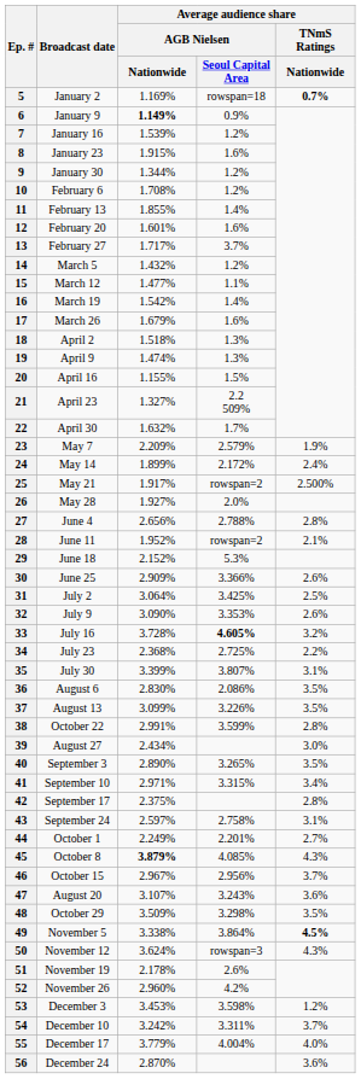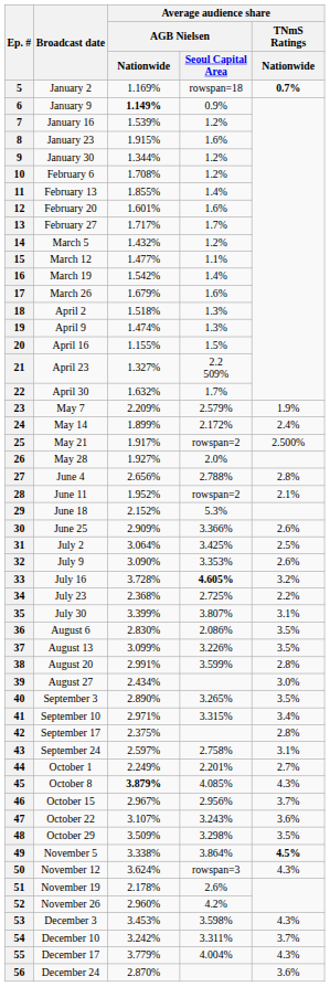 <table class="wikitable" style="text-align:center">
 <tr>
 <th rowspan="3">Ep. #</th>
 <th rowspan="3">Broadcast date</th>
 <th colspan="3">Average audience share</th>
 </tr>
 <tr>
 <th colspan="2">AGB Nielsen</th>
 <th colspan="1">TNmS Ratings</th>
 </tr>
 <tr>
 <th width=100>Nationwide</th>
 <th width=100><a href='#'>Seoul Capital Area</a></th>
 <th width=100>Nationwide</th>
 </tr>
 <tr>
 <th>5</th>
 <td>January 2</td>
 <td>1.169%</td>
 <td>rowspan=18 </td>
 <td><span><strong>0.7%</strong></span></td>
 </tr>
 <tr>
 <th>6</th>
 <td>January 9</td>
 <td><span><strong>1.149%</strong></span></td>
 <td>0.9%</td>
 </tr>
 <tr>
 <th>7</th>
 <td>January 16</td>
 <td>1.539%</td>
 <td>1.2%</td>
 </tr>
 <tr>
 <th>8</th>
 <td>January 23</td>
 <td>1.915%</td>
 <td>1.6%</td>
 </tr>
 <tr>
 <th>9</th>
 <td>January 30</td>
 <td>1.344%</td>
 <td>1.2%</td>
 </tr>
 <tr>
 <th>10</th>
 <td>February 6</td>
 <td>1.708%</td>
 <td>1.2%</td>
 </tr>
 <tr>
 <th>11</th>
 <td>February 13</td>
 <td>1.855%</td>
 <td>1.4%</td>
 </tr>
 <tr>
 <th>12</th>
 <td>February 20</td>
 <td>1.601%</td>
 <td>1.6%</td>
 </tr>
 <tr>
 <th>13</th>
 <td>February 27</td>
 <td>1.717%</td>
-<td>3.7%</td>
+<td>1.7%</td>
 </tr>
 <tr>
 <th>14</th>
 <td>March 5</td>
 <td>1.432%</td>
 <td>1.2%</td>
 </tr>
 <tr>
 <th>15</th>
 <td>March 12</td>
 <td>1.477%</td>
 <td>1.1%</td>
 </tr>
 <tr>
 <th>16</th>
 <td>March 19</td>
 <td>1.542%</td>
 <td>1.4%</td>
 </tr>
 <tr>
 <th>17</th>
 <td>March 26</td>
 <td>1.679%</td>
 <td>1.6%</td>
 </tr>
 <tr>
 <th>18</th>
 <td>April 2</td>
 <td>1.518%</td>
 <td>1.3%</td>
 </tr>
 <tr>
 <th>19</th>
 <td>April 9</td>
 <td>1.474%</td>
 <td>1.3%</td>
 </tr>
 <tr>
 <th>20</th>
 <td>April 16</td>
 <td>1.155%</td>
 <td>1.5%</td>
 </tr>
 <tr>
 <th>21</th>
 <td>April 23</td>
 <td>1.327%</td>
 <td>2.2<br>509%</td>
 </tr>
 <tr>
 <th>22</th>
 <td>April 30</td>
 <td>1.632%</td>
 <td>1.7%</td>
 </tr>
 <tr>
 <th>23</th>
 <td>May 7</td>
 <td>2.209%</td>
 <td>2.579%</td>
 <td>1.9%</td>
 </tr>
 <tr>
 <th>24</th>
 <td>May 14</td>
 <td>1.899%</td>
 <td>2.172%</td>
 <td>2.4%</td>
 </tr>
 <tr>
 <th>25</th>
 <td>May 21</td>
 <td>1.917%</td>
 <td>rowspan=2 </td>
 <td>2.500%</td>
 </tr>
 <tr>
 <th>26</th>
 <td>May 28</td>
 <td>1.927%</td>
 <td>2.0%</td>
 </tr>
 <tr>
 <th>27</th>
 <td>June 4</td>
 <td>2.656%</td>
 <td>2.788%</td>
 <td>2.8%</td>
 </tr>
 <tr>
 <th>28</th>
 <td>June 11</td>
 <td>1.952%</td>
 <td>rowspan=2 </td>
 <td>2.1%</td>
 </tr>
 <tr>
 <th>29</th>
 <td>June 18</td>
 <td>2.152%</td>
 <td>5.3%</td>
 </tr>
 <tr>
 <th>30</th>
 <td>June 25</td>
 <td>2.909%</td>
 <td>3.366%</td>
 <td>2.6%</td>
 </tr>
 <tr>
 <th>31</th>
 <td>July 2</td>
 <td>3.064%</td>
 <td>3.425%</td>
 <td>2.5%</td>
 </tr>
 <tr>
 <th>32</th>
 <td>July 9</td>
 <td>3.090%</td>
 <td>3.353%</td>
 <td>2.6%</td>
 </tr>
 <tr>
 <th>33</th>
 <td>July 16</td>
 <td>3.728%</td>
 <td><span><strong>4.605%</strong></span></td>
 <td>3.2%</td>
 </tr>
 <tr>
 <th>34</th>
 <td>July 23</td>
 <td>2.368%</td>
 <td>2.725%</td>
 <td>2.2%</td>
 </tr>
 <tr>
 <th>35</th>
 <td>July 30</td>
 <td>3.399%</td>
 <td>3.807%</td>
 <td>3.1%</td>
 </tr>
 <tr>
 <th>36</th>
 <td>August 6</td>
 <td>2.830%</td>
 <td>2.086%</td>
 <td>3.5%</td>
 </tr>
 <tr>
 <th>37</th>
 <td>August 13</td>
 <td>3.099%</td>
 <td>3.226%</td>
 <td>3.5%</td>
 </tr>
 <tr>
 <th>38</th>
-<td>October 22</td>
+<td>August 20</td>
 <td>2.991%</td>
 <td>3.599%</td>
 <td>2.8%</td>
 </tr>
 <tr>
 <th>39</th>
 <td>August 27</td>
 <td>2.434%</td>
 <td></td>
 <td>3.0%</td>
 </tr>
 <tr>
 <th>40</th>
 <td>September 3</td>
 <td>2.890%</td>
 <td>3.265%</td>
 <td>3.5%</td>
 </tr>
 <tr>
 <th>41</th>
 <td>September 10</td>
 <td>2.971%</td>
 <td>3.315%</td>
 <td>3.4%</td>
 </tr>
 <tr>
 <th>42</th>
 <td>September 17</td>
 <td>2.375%</td>
 <td></td>
 <td>2.8%</td>
 </tr>
 <tr>
 <th>43</th>
 <td>September 24</td>
 <td>2.597%</td>
 <td>2.758%</td>
 <td>3.1%</td>
 </tr>
 <tr>
 <th>44</th>
 <td>October 1</td>
 <td>2.249%</td>
 <td>2.201%</td>
 <td>2.7%</td>
 </tr>
 <tr>
 <th>45</th>
 <td>October 8</td>
 <td><span><strong>3.879%</strong></span></td>
 <td>4.085%</td>
 <td>4.3%</td>
 </tr>
 <tr>
 <th>46</th>
 <td>October 15</td>
 <td>2.967%</td>
 <td>2.956%</td>
 <td>3.7%</td>
 </tr>
 <tr>
 <th>47</th>
-<td>August 20</td>
+<td>October 22</td>
 <td>3.107%</td>
 <td>3.243%</td>
 <td>3.6%</td>
 </tr>
 <tr>
 <th>48</th>
 <td>October 29</td>
 <td>3.509%</td>
 <td>3.298%</td>
 <td>3.5%</td>
 </tr>
 <tr>
 <th>49</th>
 <td>November 5</td>
 <td>3.338%</td>
 <td>3.864%</td>
 <td><span><strong>4.5%</strong></span></td>
 </tr>
 <tr>
 <th>50</th>
 <td>November 12</td>
 <td>3.624%</td>
 <td>rowspan=3 </td>
 <td>4.3%</td>
 </tr>
 <tr>
 <th>51</th>
 <td>November 19</td>
 <td>2.178%</td>
 <td>2.6%</td>
 </tr>
 <tr>
 <th>52</th>
 <td>November 26</td>
 <td>2.960%</td>
 <td>4.2%</td>
 </tr>
 <tr>
 <th>53</th>
 <td>December 3</td>
 <td>3.453%</td>
 <td>3.598%</td>
-<td>1.2%</td>
+<td>4.3%</td>
 </tr>
 <tr>
 <th>54</th>
 <td>December 10</td>
 <td>3.242%</td>
 <td>3.311%</td>
 <td>3.7%</td>
 </tr>
 <tr>
 <th>55</th>
 <td>December 17</td>
 <td>3.779%</td>
 <td>4.004%</td>
-<td>4.0%</td>
+<td>4.3%</td>
 </tr>
 <tr>
 <th>56</th>
 <td>December 24</td>
 <td>2.870%</td>
 <td></td>
 <td>3.6%</td>
 </tr>
 </table>
